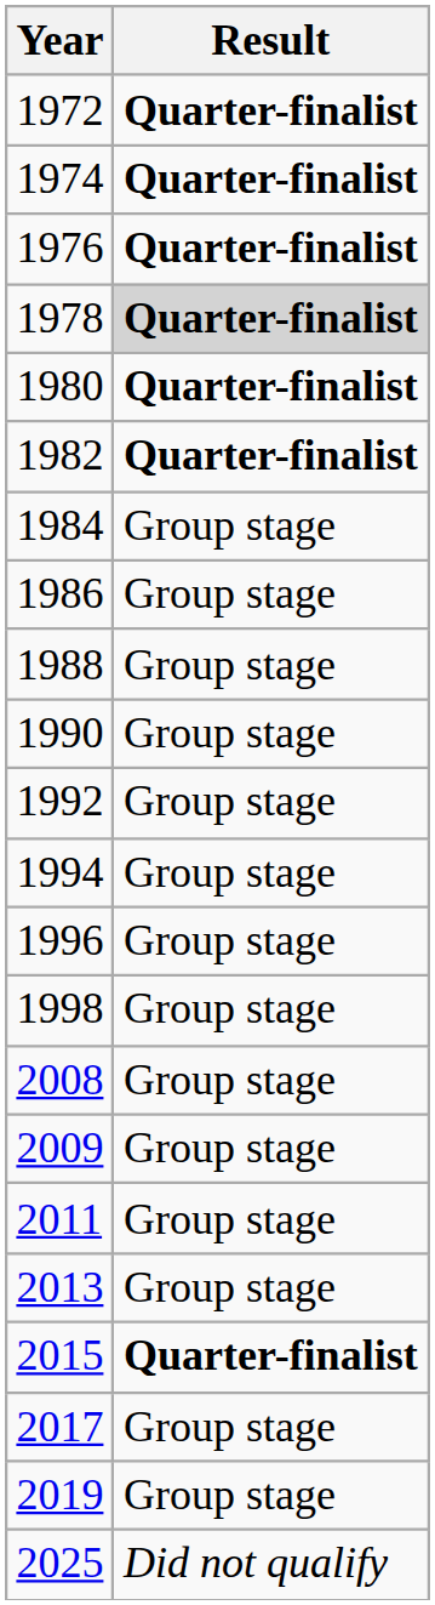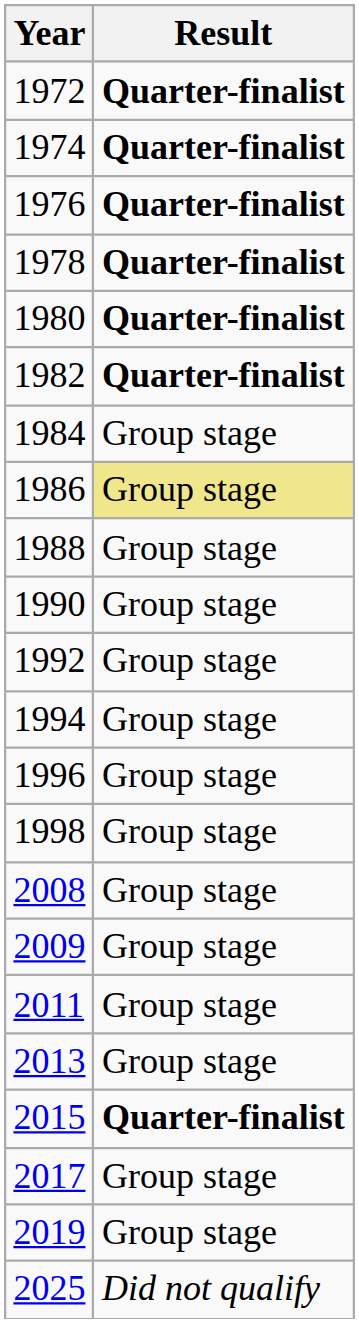 <table class="wikitable">
 <tr>
 <th>Year</th>
 <th>Result</th>
 </tr>
 <tr>
 <td> 1972</td>
 <td><strong>Quarter-finalist</strong></td>
 </tr>
 <tr>
 <td> 1974</td>
 <td><strong>Quarter-finalist</strong></td>
 </tr>
 <tr>
 <td> 1976</td>
 <td><strong>Quarter-finalist</strong></td>
 </tr>
 <tr>
 <td> 1978</td>
-<td style="background: lightgrey;"><strong>Quarter-finalist</strong></td>
+<td><strong>Quarter-finalist</strong></td>
 </tr>
 <tr>
 <td> 1980</td>
 <td><strong>Quarter-finalist</strong></td>
 </tr>
 <tr>
 <td> 1982</td>
 <td><strong>Quarter-finalist</strong></td>
 </tr>
 <tr>
 <td> 1984</td>
 <td>Group stage</td>
 </tr>
 <tr>
 <td> 1986</td>
-<td>Group stage</td>
+<td style="background: khaki;">Group stage</td>
 </tr>
 <tr>
 <td> 1988</td>
 <td>Group stage</td>
 </tr>
 <tr>
 <td> 1990</td>
 <td>Group stage</td>
 </tr>
 <tr>
 <td> 1992</td>
 <td>Group stage</td>
 </tr>
 <tr>
 <td> 1994</td>
 <td>Group stage</td>
 </tr>
 <tr>
 <td> 1996</td>
 <td>Group stage</td>
 </tr>
 <tr>
 <td> 1998</td>
 <td>Group stage</td>
 </tr>
 <tr>
 <td> <a href='#'>2008</a></td>
 <td>Group stage</td>
 </tr>
 <tr>
 <td> <a href='#'>2009</a></td>
 <td>Group stage</td>
 </tr>
 <tr>
 <td> <a href='#'>2011</a></td>
 <td>Group stage</td>
 </tr>
 <tr>
 <td> <a href='#'>2013</a></td>
 <td>Group stage</td>
 </tr>
 <tr>
 <td> <a href='#'>2015</a></td>
 <td><strong>Quarter-finalist</strong></td>
 </tr>
 <tr>
 <td> <a href='#'>2017</a></td>
 <td>Group stage</td>
 </tr>
 <tr>
 <td> <a href='#'>2019</a></td>
 <td>Group stage</td>
 </tr>
 <tr>
 <td> <a href='#'>2025</a></td>
 <td><em>Did not qualify</em></td>
 </tr>
 </table>
